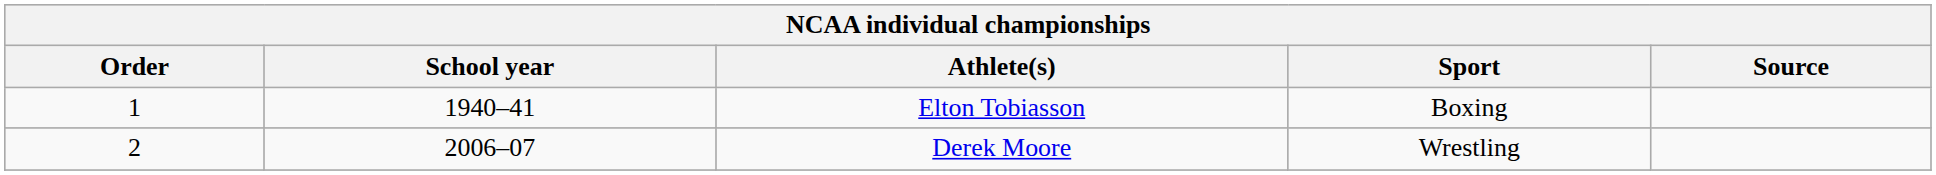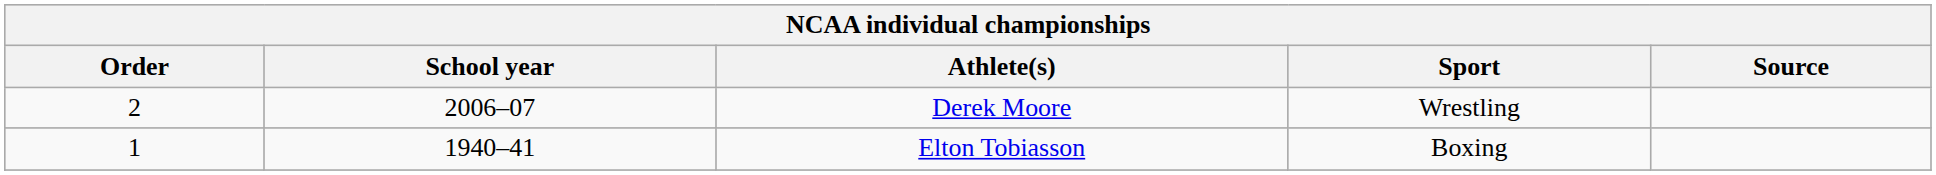 <table class="wikitable sortable collapsible collapsed" width="60%">
 <tr align="center">
 <th colspan=5>NCAA individual championships</th>
 </tr>
 <tr>
 <th>Order</th>
 <th>School year</th>
 <th>Athlete(s)</th>
 <th>Sport</th>
 <th>Source</th>
 </tr>
 <tr align="center" bgcolor="">
+<td>2</td>
+<td>2006–07</td>
+<td><a href='#'>Derek Moore</a></td>
+<td>Wrestling</td>
+<td></td>
+</tr>
+<tr align="center" bgcolor="">
 <td>1</td>
 <td>1940–41</td>
 <td><a href='#'>Elton Tobiasson</a></td>
 <td>Boxing</td>
 <td></td>
 </tr>
-<tr align="center" bgcolor="">
-<td>2</td>
-<td>2006–07</td>
-<td><a href='#'>Derek Moore</a></td>
-<td>Wrestling</td>
-<td></td>
-</tr>
 </table>
